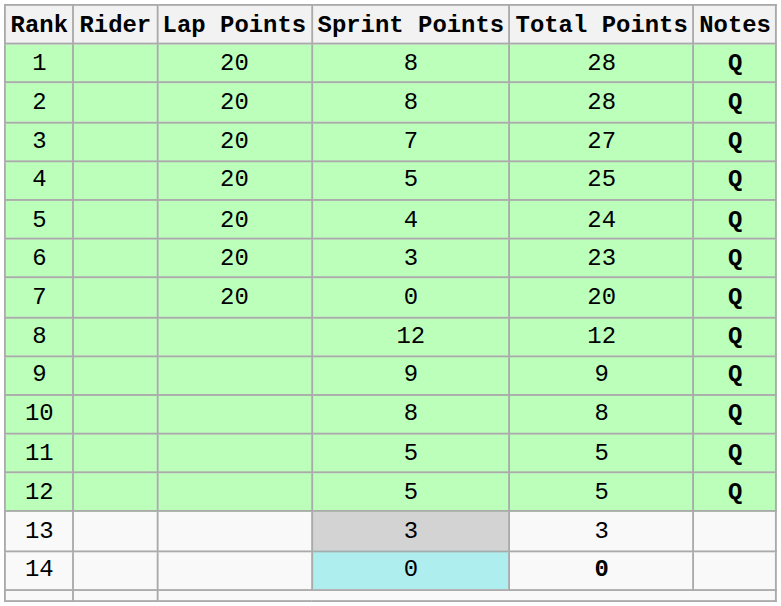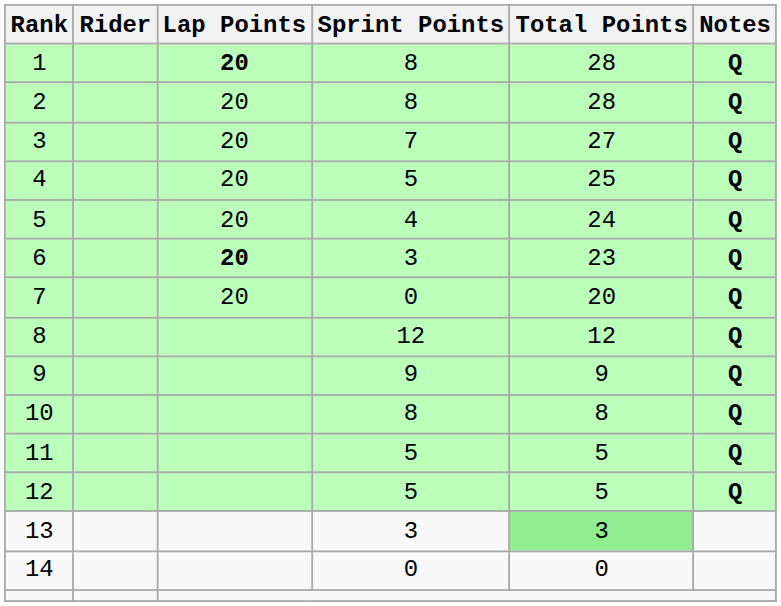 <table class="wikitable sortable" style="text-align:center">
 <tr>
 <th>Rank</th>
 <th>Rider</th>
 <th>Lap Points</th>
 <th>Sprint Points</th>
 <th>Total Points</th>
 <th>Notes</th>
 </tr>
 <tr bgcolor=bbffbb>
 <td>1</td>
 <td align=left></td>
-<td>20</td>
+<td><strong>20</strong></td>
 <td>8</td>
 <td>28</td>
 <td><strong>Q</strong></td>
 </tr>
 <tr bgcolor=bbffbb>
 <td>2</td>
 <td align=left></td>
 <td>20</td>
 <td>8</td>
 <td>28</td>
 <td><strong>Q</strong></td>
 </tr>
 <tr bgcolor=bbffbb>
 <td>3</td>
 <td align=left></td>
 <td>20</td>
 <td>7</td>
 <td>27</td>
 <td><strong>Q</strong></td>
 </tr>
 <tr bgcolor=bbffbb>
 <td>4</td>
 <td align=left></td>
 <td>20</td>
 <td>5</td>
 <td>25</td>
 <td><strong>Q</strong></td>
 </tr>
 <tr bgcolor=bbffbb>
 <td>5</td>
 <td align=left></td>
 <td>20</td>
 <td>4</td>
 <td>24</td>
 <td><strong>Q</strong></td>
 </tr>
 <tr bgcolor=bbffbb>
 <td>6</td>
 <td align=left></td>
-<td>20</td>
+<td><strong>20</strong></td>
 <td>3</td>
 <td>23</td>
 <td><strong>Q</strong></td>
 </tr>
 <tr bgcolor=bbffbb>
 <td>7</td>
 <td align=left></td>
 <td>20</td>
 <td>0</td>
 <td>20</td>
 <td><strong>Q</strong></td>
 </tr>
 <tr bgcolor=bbffbb>
 <td>8</td>
 <td align=left></td>
 <td></td>
 <td>12</td>
 <td>12</td>
 <td><strong>Q</strong></td>
 </tr>
 <tr bgcolor=bbffbb>
 <td>9</td>
 <td align=left></td>
 <td></td>
 <td>9</td>
 <td>9</td>
 <td><strong>Q</strong></td>
 </tr>
 <tr bgcolor=bbffbb>
 <td>10</td>
 <td align=left></td>
 <td></td>
 <td>8</td>
 <td>8</td>
 <td><strong>Q</strong></td>
 </tr>
 <tr bgcolor=bbffbb>
 <td>11</td>
 <td align=left></td>
 <td></td>
 <td>5</td>
 <td>5</td>
 <td><strong>Q</strong></td>
 </tr>
 <tr bgcolor=bbffbb>
 <td>12</td>
 <td align=left></td>
 <td></td>
 <td>5</td>
 <td>5</td>
 <td><strong>Q</strong></td>
 </tr>
 <tr>
 <td>13</td>
 <td align=left></td>
 <td></td>
-<td style="background: lightgrey;">3</td>
 <td>3</td>
+<td style="background: lightgreen;">3</td>
 <td></td>
 </tr>
 <tr>
 <td>14</td>
 <td align=left></td>
 <td></td>
-<td style="background: paleturquoise;">0</td>
-<td><strong>0</strong></td>
+<td>0</td>
+<td>0</td>
 <td></td>
 </tr>
 <tr>
 <td></td>
 <td align="left"></td>
 <td colspan="4"></td>
 </tr>
 </table>
